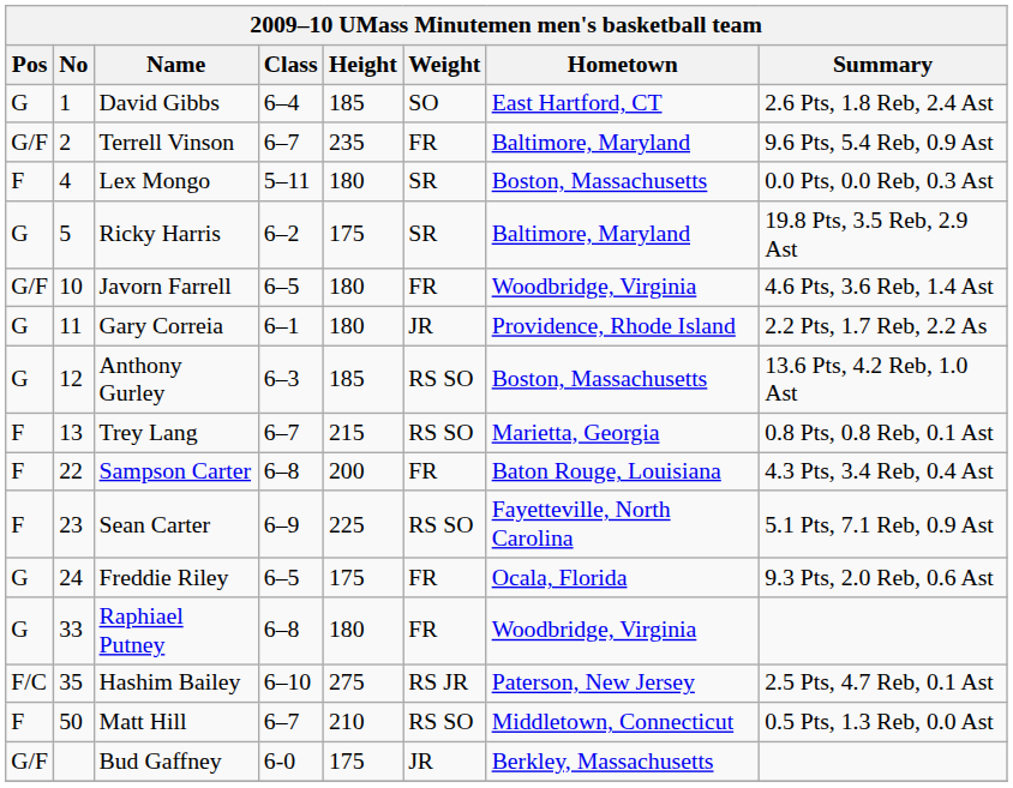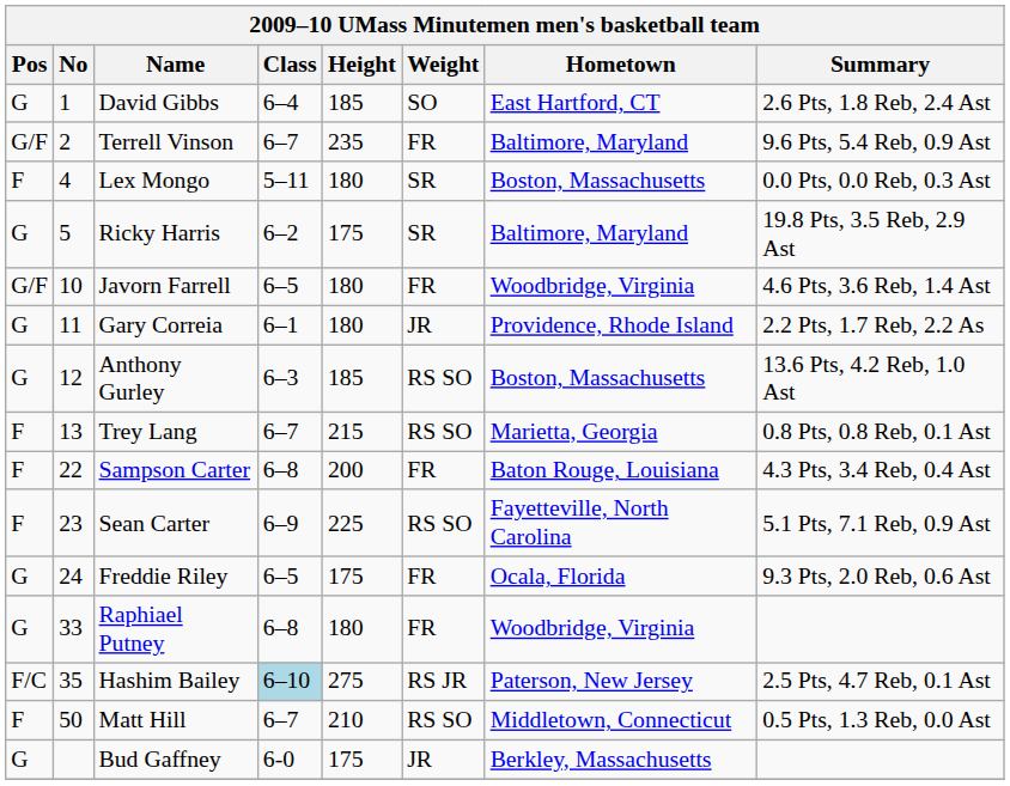 <table class="wikitable" style="font-size: 90%">
 <tr>
 <th colspan=9 style="background:#">2009–10 UMass Minutemen men's basketball team</th>
 </tr>
 <tr>
 <th>Pos</th>
 <th>No</th>
 <th>Name</th>
 <th>Class</th>
 <th>Height</th>
 <th>Weight</th>
 <th>Hometown</th>
 <th>Summary</th>
 </tr>
 <tr>
 <td>G</td>
 <td>1</td>
 <td>David Gibbs</td>
 <td>6–4</td>
 <td>185</td>
 <td>SO</td>
 <td><a href='#'>East Hartford, CT</a></td>
 <td>2.6 Pts, 1.8 Reb, 2.4 Ast</td>
 </tr>
 <tr>
 <td>G/F</td>
 <td>2</td>
 <td>Terrell Vinson</td>
 <td>6–7</td>
 <td>235</td>
 <td>FR</td>
 <td><a href='#'>Baltimore, Maryland</a></td>
 <td>9.6 Pts, 5.4 Reb, 0.9 Ast</td>
 </tr>
 <tr>
 <td>F</td>
 <td>4</td>
 <td>Lex Mongo</td>
 <td>5–11</td>
 <td>180</td>
 <td>SR</td>
 <td><a href='#'>Boston, Massachusetts</a></td>
 <td>0.0 Pts, 0.0 Reb, 0.3 Ast</td>
 </tr>
 <tr>
 <td>G</td>
 <td>5</td>
 <td>Ricky Harris</td>
 <td>6–2</td>
 <td>175</td>
 <td>SR</td>
 <td><a href='#'>Baltimore, Maryland</a></td>
 <td>19.8 Pts, 3.5 Reb, 2.9 Ast</td>
 </tr>
 <tr>
 <td>G/F</td>
 <td>10</td>
 <td>Javorn Farrell</td>
 <td>6–5</td>
 <td>180</td>
 <td>FR</td>
 <td><a href='#'>Woodbridge, Virginia</a></td>
 <td>4.6 Pts, 3.6 Reb, 1.4 Ast</td>
 </tr>
 <tr>
 <td>G</td>
 <td>11</td>
 <td>Gary Correia</td>
 <td>6–1</td>
 <td>180</td>
 <td>JR</td>
 <td><a href='#'>Providence, Rhode Island</a></td>
 <td>2.2 Pts, 1.7 Reb, 2.2 As</td>
 </tr>
 <tr>
 <td>G</td>
 <td>12</td>
 <td>Anthony Gurley</td>
 <td>6–3</td>
 <td>185</td>
 <td>RS SO</td>
 <td><a href='#'>Boston, Massachusetts</a></td>
 <td>13.6 Pts, 4.2 Reb, 1.0 Ast</td>
 </tr>
 <tr>
 <td>F</td>
 <td>13</td>
 <td>Trey Lang</td>
 <td>6–7</td>
 <td>215</td>
 <td>RS SO</td>
 <td><a href='#'>Marietta, Georgia</a></td>
 <td>0.8 Pts, 0.8 Reb, 0.1 Ast</td>
 </tr>
 <tr>
 <td>F</td>
 <td>22</td>
 <td><a href='#'>Sampson Carter</a></td>
 <td>6–8</td>
 <td>200</td>
 <td>FR</td>
 <td><a href='#'>Baton Rouge, Louisiana</a></td>
 <td>4.3 Pts, 3.4 Reb, 0.4 Ast</td>
 </tr>
 <tr>
 <td>F</td>
 <td>23</td>
 <td>Sean Carter</td>
 <td>6–9</td>
 <td>225</td>
 <td>RS SO</td>
 <td><a href='#'>Fayetteville, North Carolina</a></td>
 <td>5.1 Pts, 7.1 Reb, 0.9 Ast</td>
 </tr>
 <tr>
 <td>G</td>
 <td>24</td>
 <td>Freddie Riley</td>
 <td>6–5</td>
 <td>175</td>
 <td>FR</td>
 <td><a href='#'>Ocala, Florida</a></td>
 <td>9.3 Pts, 2.0 Reb, 0.6 Ast</td>
 </tr>
 <tr>
 <td>G</td>
 <td>33</td>
 <td><a href='#'>Raphiael Putney</a></td>
 <td>6–8</td>
 <td>180</td>
 <td>FR</td>
 <td><a href='#'>Woodbridge, Virginia</a></td>
 <td></td>
 </tr>
 <tr>
 <td>F/C</td>
 <td>35</td>
 <td>Hashim Bailey</td>
-<td>6–10</td>
+<td style="background: lightblue;">6–10</td>
 <td>275</td>
 <td>RS JR</td>
 <td><a href='#'>Paterson, New Jersey</a></td>
 <td>2.5 Pts, 4.7 Reb, 0.1 Ast</td>
 </tr>
 <tr>
 <td>F</td>
 <td>50</td>
 <td>Matt Hill</td>
 <td>6–7</td>
 <td>210</td>
 <td>RS SO</td>
 <td><a href='#'>Middletown, Connecticut</a></td>
 <td>0.5 Pts, 1.3 Reb, 0.0 Ast</td>
 </tr>
 <tr>
-<td>G/F</td>
+<td>G</td>
 <td></td>
 <td>Bud Gaffney</td>
 <td>6-0</td>
 <td>175</td>
 <td>JR</td>
 <td><a href='#'>Berkley, Massachusetts</a></td>
 <td></td>
 </tr>
 <tr>
 </tr>
 </table>
